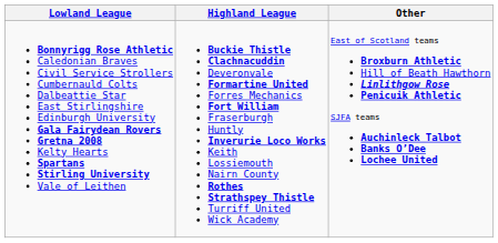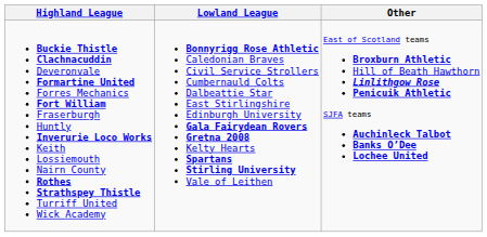 <table class="wikitable" style="text-align:left">
 <tr>
+<th><a href='#'>Highland League</a></th>
 <th><a href='#'>Lowland League</a></th>
-<th><a href='#'>Highland League</a></th>
 <th>Other</th>
 </tr>
 <tr>
+<td valign=top><br><ul><li><strong><a href='#'>Buckie Thistle</a></strong></li><li><strong><a href='#'>Clachnacuddin</a></strong></li><li><a href='#'>Deveronvale</a></li><li><strong><a href='#'>Formartine United</a></strong></li><li><a href='#'>Forres Mechanics</a></li><li><strong><a href='#'>Fort William</a></strong></li><li><a href='#'>Fraserburgh</a></li><li><a href='#'>Huntly</a></li><li><strong><a href='#'>Inverurie Loco Works</a></strong></li><li><a href='#'>Keith</a></li><li><a href='#'>Lossiemouth</a></li><li><a href='#'>Nairn County</a></li><li><strong><a href='#'>Rothes</a></strong></li><li><strong><a href='#'>Strathspey Thistle</a></strong></li><li><a href='#'>Turriff United</a></li><li><a href='#'>Wick Academy</a></li></ul></td>
 <td valign=top><br><ul><li><strong><a href='#'>Bonnyrigg Rose Athletic</a></strong></li><li><a href='#'>Caledonian Braves</a></li><li><a href='#'>Civil Service Strollers</a></li><li><a href='#'>Cumbernauld Colts</a></li><li><a href='#'>Dalbeattie Star</a></li><li><a href='#'>East Stirlingshire</a></li><li><a href='#'>Edinburgh University</a></li><li><strong><a href='#'>Gala Fairydean Rovers</a></strong></li><li><strong><a href='#'>Gretna 2008</a></strong></li><li><a href='#'>Kelty Hearts</a></li><li><strong><a href='#'>Spartans</a></strong></li><li><strong><a href='#'>Stirling University</a></strong></li><li><a href='#'>Vale of Leithen</a></li></ul></td>
-<td valign=top><br><ul><li><strong><a href='#'>Buckie Thistle</a></strong></li><li><strong><a href='#'>Clachnacuddin</a></strong></li><li><a href='#'>Deveronvale</a></li><li><strong><a href='#'>Formartine United</a></strong></li><li><a href='#'>Forres Mechanics</a></li><li><strong><a href='#'>Fort William</a></strong></li><li><a href='#'>Fraserburgh</a></li><li><a href='#'>Huntly</a></li><li><strong><a href='#'>Inverurie Loco Works</a></strong></li><li><a href='#'>Keith</a></li><li><a href='#'>Lossiemouth</a></li><li><a href='#'>Nairn County</a></li><li><strong><a href='#'>Rothes</a></strong></li><li><strong><a href='#'>Strathspey Thistle</a></strong></li><li><a href='#'>Turriff United</a></li><li><a href='#'>Wick Academy</a></li></ul></td>
 <td valign=top><br><small><a href='#'>East of Scotland</a> teams</small><ul><li><strong><a href='#'>Broxburn Athletic</a></strong></li><li><a href='#'>Hill of Beath Hawthorn</a></li><li><strong><em><a href='#'>Linlithgow Rose</a></em></strong></li><li><strong><a href='#'>Penicuik Athletic</a></strong></li></ul><small><a href='#'>SJFA</a> teams</small><ul><li><strong><a href='#'>Auchinleck Talbot</a></strong></li><li><strong><a href='#'>Banks O’Dee</a></strong></li><li><strong><a href='#'>Lochee United</a></strong></li></ul></td>
 </tr>
 </table>
